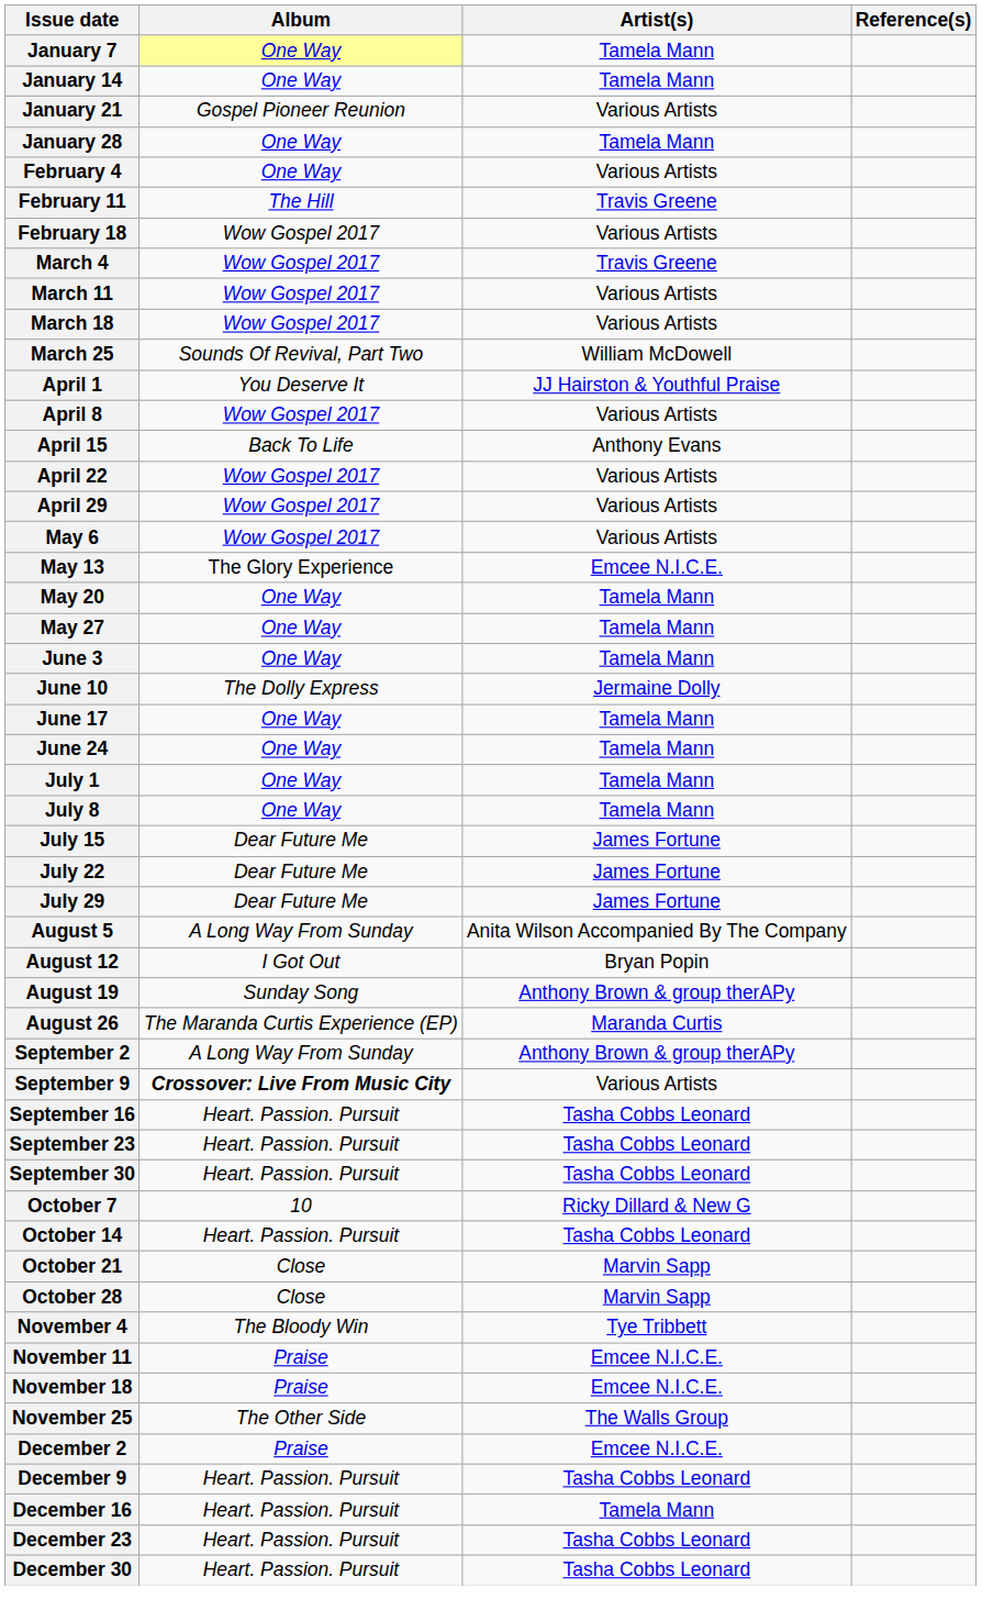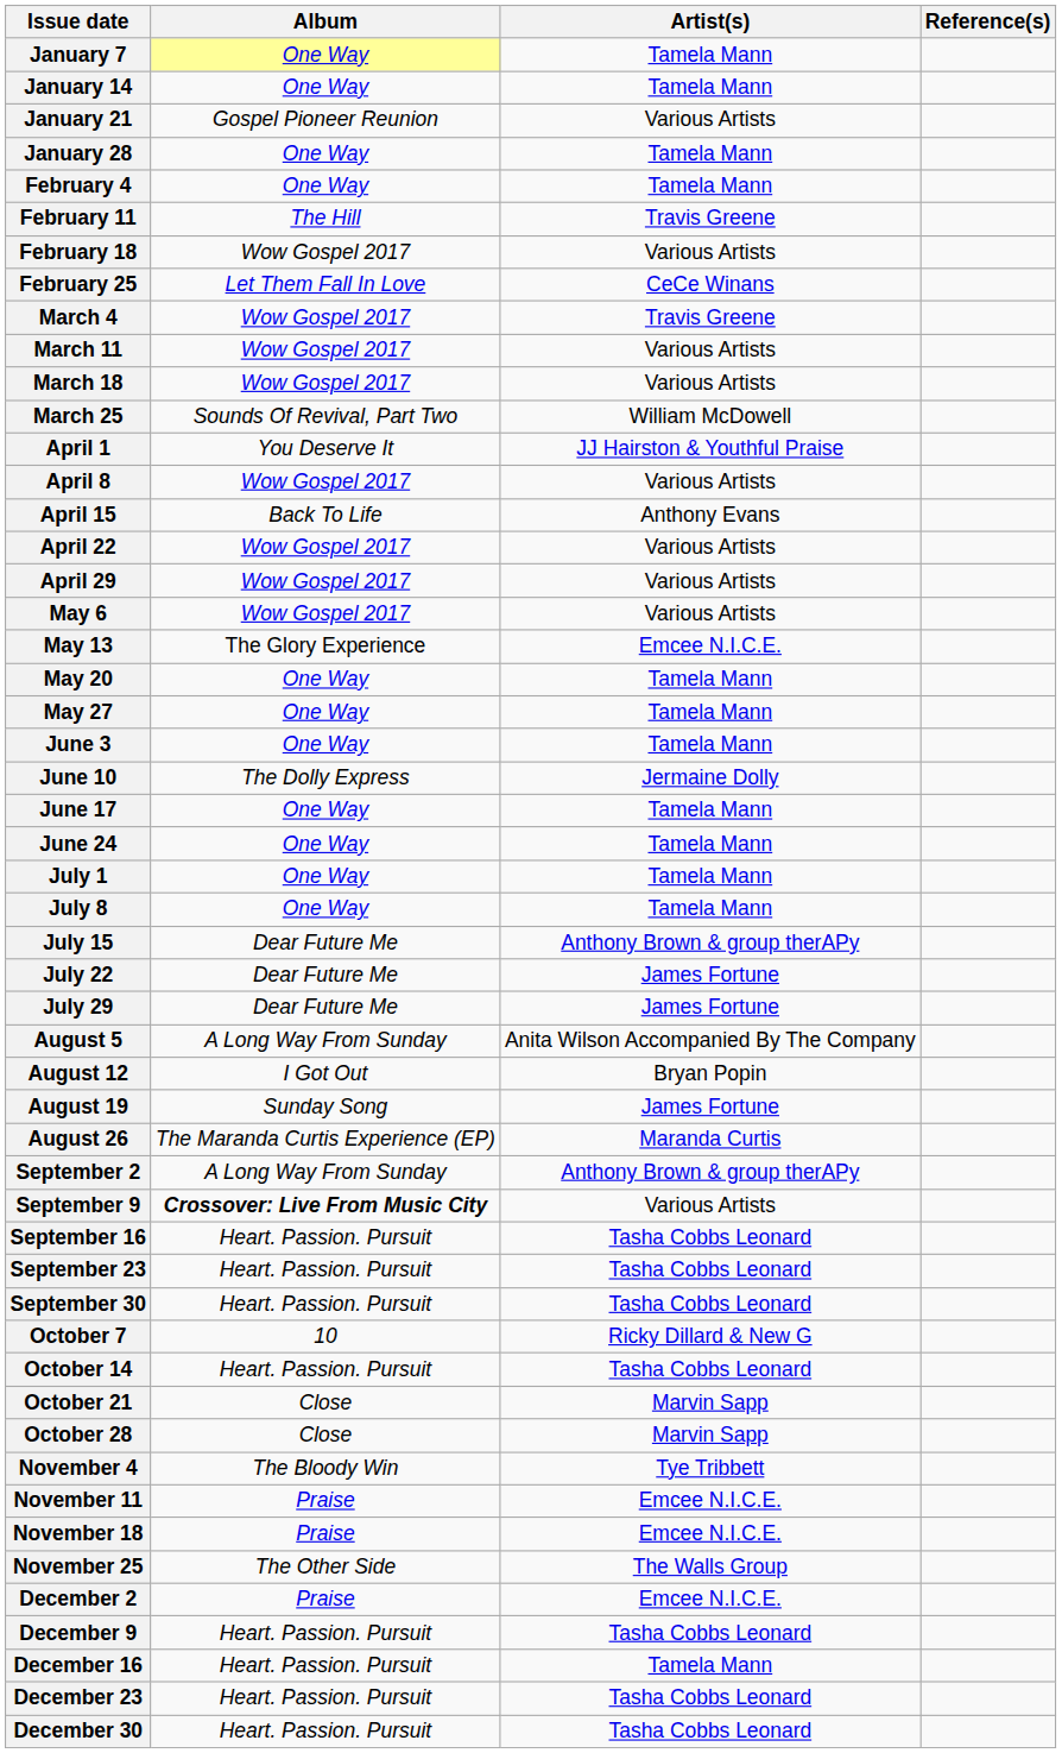 <table class="wikitable plainrowheaders" style="text-align: center">
 <tr>
 <th>Issue date</th>
 <th>Album</th>
 <th>Artist(s)</th>
 <th>Reference(s)</th>
 </tr>
 <tr>
 <th scope="row">January 7</th>
 <td style="background:#ff9;"><em><a href='#'>One Way</a></em></td>
 <td><a href='#'>Tamela Mann</a></td>
 <td></td>
 </tr>
 <tr>
 <th scope="row">January 14</th>
 <td><em><a href='#'>One Way</a></em></td>
 <td><a href='#'>Tamela Mann</a></td>
 <td></td>
 </tr>
 <tr>
 <th scope="row">January 21</th>
 <td><em>Gospel Pioneer Reunion</em></td>
 <td>Various Artists</td>
 <td></td>
 </tr>
 <tr>
 <th scope="row">January 28</th>
 <td><em><a href='#'>One Way</a></em></td>
 <td><a href='#'>Tamela Mann</a></td>
 <td></td>
 </tr>
 <tr>
 <th scope="row">February 4</th>
 <td><em><a href='#'>One Way</a></em></td>
-<td>Various Artists</td>
+<td><a href='#'>Tamela Mann</a></td>
 <td></td>
 </tr>
 <tr>
 <th scope="row">February 11</th>
 <td><em><a href='#'>The Hill</a></em></td>
 <td><a href='#'>Travis Greene</a></td>
 <td></td>
 </tr>
 <tr>
 <th scope="row">February 18</th>
 <td><em>Wow Gospel 2017</em></td>
 <td>Various Artists</td>
+<td></td>
+</tr>
+<tr>
+<th scope="row">February 25</th>
+<td><em><a href='#'>Let Them Fall In Love</a></em></td>
+<td><a href='#'>CeCe Winans</a></td>
 <td></td>
 </tr>
 <tr>
 <th scope="row">March 4</th>
 <td><em><a href='#'>Wow Gospel 2017</a></em></td>
 <td><a href='#'>Travis Greene</a></td>
 <td></td>
 </tr>
 <tr>
 <th scope="row">March 11</th>
 <td><em><a href='#'>Wow Gospel 2017</a></em></td>
 <td>Various Artists</td>
 <td></td>
 </tr>
 <tr>
 <th scope="row">March 18</th>
 <td><em><a href='#'>Wow Gospel 2017</a></em></td>
 <td>Various Artists</td>
 <td></td>
 </tr>
 <tr>
 <th scope="row">March 25</th>
 <td><em>Sounds Of Revival, Part Two</em></td>
 <td>William McDowell</td>
 <td></td>
 </tr>
 <tr>
 <th scope="row">April 1</th>
 <td><em>You Deserve It</em></td>
 <td><a href='#'>JJ Hairston & Youthful Praise</a></td>
 <td></td>
 </tr>
 <tr>
 <th scope="row">April 8</th>
 <td><em><a href='#'>Wow Gospel 2017</a></em></td>
 <td>Various Artists</td>
 <td></td>
 </tr>
 <tr>
 <th scope="row">April 15</th>
 <td><em>Back To Life</em></td>
 <td>Anthony Evans</td>
 <td></td>
 </tr>
 <tr>
 <th scope="row">April 22</th>
 <td><em><a href='#'>Wow Gospel 2017</a></em></td>
 <td>Various Artists</td>
 <td></td>
 </tr>
 <tr>
 <th scope="row">April 29</th>
 <td><em><a href='#'>Wow Gospel 2017</a></em></td>
 <td>Various Artists</td>
 <td></td>
 </tr>
 <tr>
 <th scope="row">May 6</th>
 <td><em><a href='#'>Wow Gospel 2017</a></em></td>
 <td>Various Artists</td>
 <td></td>
 </tr>
 <tr>
 <th scope="row">May 13</th>
 <td>The Glory Experience</td>
 <td><a href='#'>Emcee N.I.C.E.</a></td>
 <td></td>
 </tr>
 <tr>
 <th scope="row">May 20</th>
 <td><em><a href='#'>One Way</a></em></td>
 <td><a href='#'>Tamela Mann</a></td>
 <td></td>
 </tr>
 <tr>
 <th scope="row">May 27</th>
 <td><em><a href='#'>One Way</a></em></td>
 <td><a href='#'>Tamela Mann</a></td>
 <td></td>
 </tr>
 <tr>
 <th scope="row">June 3</th>
 <td><em><a href='#'>One Way</a></em></td>
 <td><a href='#'>Tamela Mann</a></td>
 <td></td>
 </tr>
 <tr>
 <th scope="row">June 10</th>
 <td><em>The Dolly Express</em></td>
 <td><a href='#'>Jermaine Dolly</a></td>
 <td></td>
 </tr>
 <tr>
 <th scope="row">June 17</th>
 <td><em><a href='#'>One Way</a></em></td>
 <td><a href='#'>Tamela Mann</a></td>
 <td></td>
 </tr>
 <tr>
 <th scope="row">June 24</th>
 <td><em><a href='#'>One Way</a></em></td>
 <td><a href='#'>Tamela Mann</a></td>
 <td></td>
 </tr>
 <tr>
 <th scope="row">July 1</th>
 <td><em><a href='#'>One Way</a></em></td>
 <td><a href='#'>Tamela Mann</a></td>
 <td></td>
 </tr>
 <tr>
 <th scope="row">July 8</th>
 <td><em><a href='#'>One Way</a></em></td>
 <td><a href='#'>Tamela Mann</a></td>
 <td></td>
 </tr>
 <tr>
 <th scope="row">July 15</th>
 <td><em>Dear Future Me</em></td>
-<td><a href='#'>James Fortune</a></td>
+<td><a href='#'>Anthony Brown & group therAPy</a></td>
 <td></td>
 </tr>
 <tr>
 <th scope="row">July 22</th>
 <td><em>Dear Future Me</em></td>
 <td><a href='#'>James Fortune</a></td>
 <td></td>
 </tr>
 <tr>
 <th scope="row">July 29</th>
 <td><em>Dear Future Me</em></td>
 <td><a href='#'>James Fortune</a></td>
 <td></td>
 </tr>
 <tr>
 <th scope="row">August 5</th>
 <td><em>A Long Way From Sunday</em></td>
 <td>Anita Wilson Accompanied By The Company</td>
 <td></td>
 </tr>
 <tr>
 <th scope="row">August 12</th>
 <td><em>I Got Out</em></td>
 <td>Bryan Popin</td>
 <td></td>
 </tr>
 <tr>
 <th scope="row">August 19</th>
 <td><em>Sunday Song</em></td>
-<td><a href='#'>Anthony Brown & group therAPy</a></td>
+<td><a href='#'>James Fortune</a></td>
 <td></td>
 </tr>
 <tr>
 <th scope="row">August 26</th>
 <td><em>The Maranda Curtis Experience (EP)</em></td>
 <td><a href='#'>Maranda Curtis</a></td>
 <td></td>
 </tr>
 <tr>
 <th scope="row">September 2</th>
 <td><em>A Long Way From Sunday</em></td>
 <td><a href='#'>Anthony Brown & group therAPy</a></td>
 <td></td>
 </tr>
 <tr>
 <th scope="row">September 9</th>
 <td><strong><em>Crossover: Live From Music City</em></strong></td>
 <td>Various Artists</td>
 <td></td>
 </tr>
 <tr>
 <th scope="row">September 16</th>
 <td><em>Heart. Passion. Pursuit</em></td>
 <td><a href='#'>Tasha Cobbs Leonard</a></td>
 <td></td>
 </tr>
 <tr>
 <th scope="row">September 23</th>
 <td><em>Heart. Passion. Pursuit</em></td>
 <td><a href='#'>Tasha Cobbs Leonard</a></td>
 <td></td>
 </tr>
 <tr>
 <th scope="row">September 30</th>
 <td><em>Heart. Passion. Pursuit</em></td>
 <td><a href='#'>Tasha Cobbs Leonard</a></td>
 <td></td>
 </tr>
 <tr>
 <th scope="row">October 7</th>
 <td><em>10</em></td>
 <td><a href='#'>Ricky Dillard & New G</a></td>
 <td></td>
 </tr>
 <tr>
 <th scope="row">October 14</th>
 <td><em>Heart. Passion. Pursuit</em></td>
 <td><a href='#'>Tasha Cobbs Leonard</a></td>
 <td></td>
 </tr>
 <tr>
 <th scope="row">October 21</th>
 <td><em>Close</em></td>
 <td><a href='#'>Marvin Sapp</a></td>
 <td></td>
 </tr>
 <tr>
 <th scope="row">October 28</th>
 <td><em>Close</em></td>
 <td><a href='#'>Marvin Sapp</a></td>
 <td></td>
 </tr>
 <tr>
 <th scope="row">November 4</th>
 <td><em>The Bloody Win</em></td>
 <td><a href='#'>Tye Tribbett</a></td>
 <td></td>
 </tr>
 <tr>
 <th scope="row">November 11</th>
 <td><em><a href='#'>Praise</a></em></td>
 <td><a href='#'>Emcee N.I.C.E.</a></td>
 <td></td>
 </tr>
 <tr>
 <th scope="row">November 18</th>
 <td><em><a href='#'>Praise</a></em></td>
 <td><a href='#'>Emcee N.I.C.E.</a></td>
 <td></td>
 </tr>
 <tr>
 <th scope="row">November 25</th>
 <td><em>The Other Side</em></td>
 <td><a href='#'>The Walls Group</a></td>
 <td></td>
 </tr>
 <tr>
 <th scope="row">December 2</th>
 <td><em><a href='#'>Praise</a></em></td>
 <td><a href='#'>Emcee N.I.C.E.</a></td>
 <td></td>
 </tr>
 <tr>
 <th scope="row">December 9</th>
 <td><em>Heart. Passion. Pursuit</em></td>
 <td><a href='#'>Tasha Cobbs Leonard</a></td>
 <td></td>
 </tr>
 <tr>
 <th scope="row">December 16</th>
 <td><em>Heart. Passion. Pursuit</em></td>
 <td><a href='#'>Tamela Mann</a></td>
 <td></td>
 </tr>
 <tr>
 <th scope="row">December 23</th>
 <td><em>Heart. Passion. Pursuit</em></td>
 <td><a href='#'>Tasha Cobbs Leonard</a></td>
 <td></td>
 </tr>
 <tr>
 <th scope="row">December 30</th>
 <td><em>Heart. Passion. Pursuit</em></td>
 <td><a href='#'>Tasha Cobbs Leonard</a></td>
 <td></td>
 </tr>
 </table>
